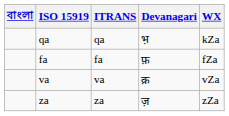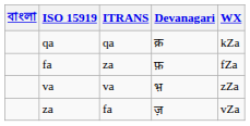 <table class="wikitable">
 <tr class="Unicode">
 <th><a href='#'>বাংলা</a></th>
 <th><a href='#'>ISO 15919</a></th>
 <th><a href='#'>ITRANS</a></th>
 <th><a href='#'>Devanagari</a></th>
 <th><a href='#'>WX</a></th>
 </tr>
 <tr>
 <td></td>
 <td>qa</td>
 <td>qa</td>
-<td>भ़</td>
+<td>क़</td>
 <td>kZa</td>
 </tr>
 <tr>
 <td></td>
 <td>fa</td>
-<td>fa</td>
+<td>za</td>
 <td>फ़</td>
 <td>fZa</td>
 </tr>
 <tr>
 <td></td>
 <td>va</td>
 <td>va</td>
-<td>क़</td>
-<td>vZa</td>
+<td>भ़</td>
+<td>zZa</td>
 </tr>
 <tr>
 <td></td>
 <td>za</td>
-<td>za</td>
+<td>fa</td>
 <td>ज़</td>
-<td>zZa</td>
+<td>vZa</td>
 </tr>
 </table>
